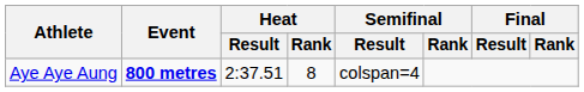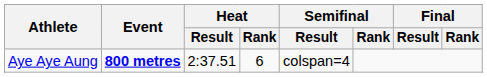 <table class="wikitable" style="font-size:90%">
 <tr>
 <th rowspan="2">Athlete</th>
 <th rowspan="2">Event</th>
 <th colspan="2">Heat</th>
 <th colspan="2">Semifinal</th>
 <th colspan="2">Final</th>
 </tr>
 <tr style="font-size:95%">
 <th>Result</th>
 <th>Rank</th>
 <th>Result</th>
 <th>Rank</th>
 <th>Result</th>
 <th>Rank</th>
 </tr>
 <tr style=text-align:center>
 <td style=text-align:left><a href='#'>Aye Aye Aung</a></td>
 <td style=text-align:left><strong><a href='#'>800 metres</a></strong></td>
 <td>2:37.51</td>
-<td>8</td>
+<td>6</td>
 <td>colspan=4 </td>
 </tr>
 </table>
